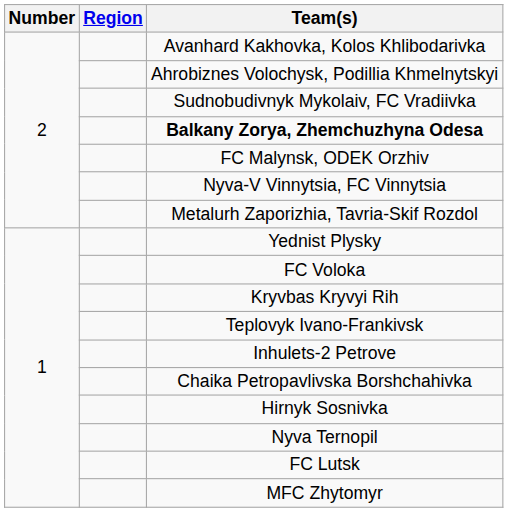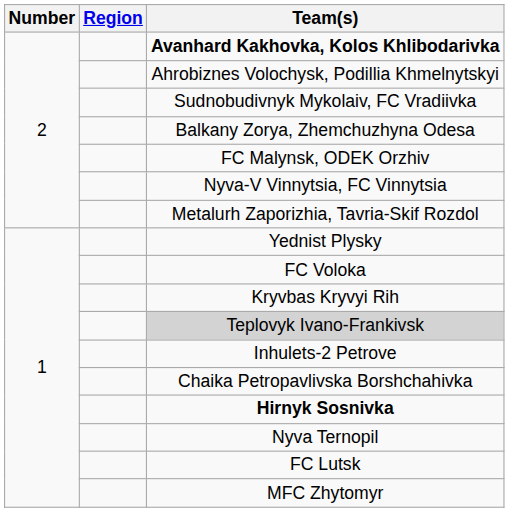 <table class="wikitable" style="text-align:center">
 <tr>
 <th>Number</th>
 <th><a href='#'>Region</a></th>
 <th>Team(s)</th>
 </tr>
 <tr>
 <td rowspan="7">2</td>
 <td align="left"></td>
-<td>Avanhard Kakhovka, Kolos Khlibodarivka</td>
+<td><strong>Avanhard Kakhovka, Kolos Khlibodarivka</strong></td>
 </tr>
 <tr>
 <td align="left"></td>
 <td>Ahrobiznes Volochysk, Podillia Khmelnytskyi</td>
 </tr>
 <tr>
 <td align="left"></td>
 <td>Sudnobudivnyk Mykolaiv, FC Vradiivka</td>
 </tr>
 <tr>
 <td align="left"></td>
-<td><strong>Balkany Zorya, Zhemchuzhyna Odesa</strong></td>
+<td>Balkany Zorya, Zhemchuzhyna Odesa</td>
 </tr>
 <tr>
 <td align="left"></td>
 <td>FC Malynsk, ODEK Orzhiv</td>
 </tr>
 <tr>
 <td align="left"></td>
 <td>Nyva-V Vinnytsia, FC Vinnytsia</td>
 </tr>
 <tr>
 <td align="left"></td>
 <td>Metalurh Zaporizhia, Tavria-Skif Rozdol</td>
 </tr>
 <tr>
 <td rowspan="13">1</td>
 <td align="left"></td>
 <td>Yednist Plysky</td>
 </tr>
 <tr>
 <td align="left"></td>
 <td>FC Voloka</td>
 </tr>
 <tr>
 <td align="left"></td>
 <td>Kryvbas Kryvyi Rih</td>
 </tr>
 <tr>
 <td align="left"></td>
-<td>Teplovyk Ivano-Frankivsk</td>
+<td style="background: lightgrey;">Teplovyk Ivano-Frankivsk</td>
 </tr>
 <tr>
 <td align="left"></td>
 <td>Inhulets-2 Petrove</td>
 </tr>
 <tr>
 <td align="left"></td>
 <td>Chaika Petropavlivska Borshchahivka</td>
 </tr>
 <tr>
 <td align="left"></td>
-<td>Hirnyk Sosnivka</td>
+<td><strong>Hirnyk Sosnivka</strong></td>
 </tr>
 <tr>
 <td align="left"></td>
 <td>Nyva Ternopil</td>
 </tr>
 <tr>
 <td align="left"></td>
 <td>FC Lutsk</td>
 </tr>
 <tr>
 <td align="left"></td>
 <td>MFC Zhytomyr</td>
 </tr>
 </table>
